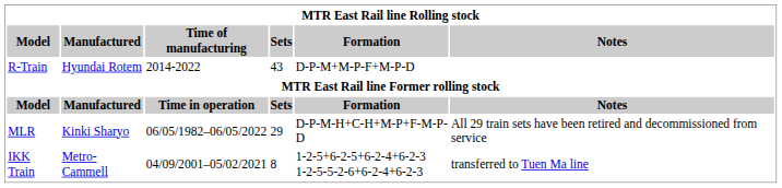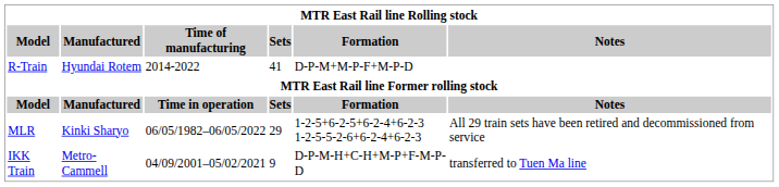 <table border=0 style="border:1px solid #999;background-color:white;text-align:left;font-size:90%">
 <tr align=center>
 <th colspan="6">MTR East Rail line Rolling stock</th>
 </tr>
 <tr align=center bgcolor=#cccccc>
 <th>Model</th>
 <th>Manufactured</th>
 <th>Time of manufacturing</th>
 <th>Sets</th>
 <th>Formation</th>
 <th>Notes</th>
 </tr>
 <tr>
 <td><a href='#'>R-Train</a></td>
 <td><a href='#'>Hyundai Rotem</a></td>
 <td>2014-2022</td>
-<td>43</td>
+<td>41</td>
 <td>D-P-M+M-P-F+M-P-D</td>
 <td></td>
 </tr>
 <tr>
 </tr>
 <tr align=center>
 <th colspan="6">MTR East Rail line Former rolling stock</th>
 </tr>
 <tr align=center bgcolor=#cccccc>
 <th>Model</th>
 <th>Manufactured</th>
 <th>Time in operation</th>
 <th>Sets</th>
 <th>Formation</th>
 <th>Notes</th>
 </tr>
 <tr>
 <td><a href='#'>MLR</a></td>
 <td><a href='#'>Kinki Sharyo</a></td>
 <td>06/05/1982–06/05/2022</td>
 <td>29</td>
-<td>D-P-M-H+C-H+M-P+F-M-P-D</td>
+<td>1-2-5+6-2-5+6-2-4+6-2-3<br>1-2-5-5-2-6+6-2-4+6-2-3</td>
 <td>All 29 train sets have been retired and decommissioned from service</td>
 </tr>
 <tr>
 <td><a href='#'>IKK Train</a></td>
 <td><a href='#'>Metro-Cammell</a></td>
 <td>04/09/2001–05/02/2021</td>
-<td>8</td>
-<td>1-2-5+6-2-5+6-2-4+6-2-3<br>1-2-5-5-2-6+6-2-4+6-2-3</td>
+<td>9</td>
+<td>D-P-M-H+C-H+M-P+F-M-P-D</td>
 <td>transferred to <a href='#'>Tuen Ma line</a></td>
 </tr>
 </table>
